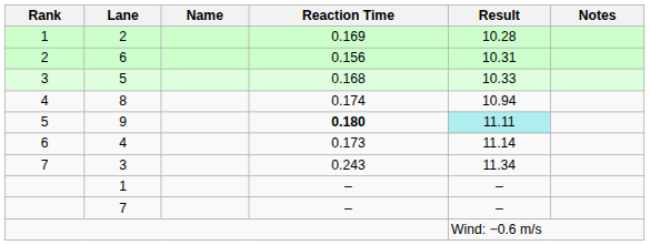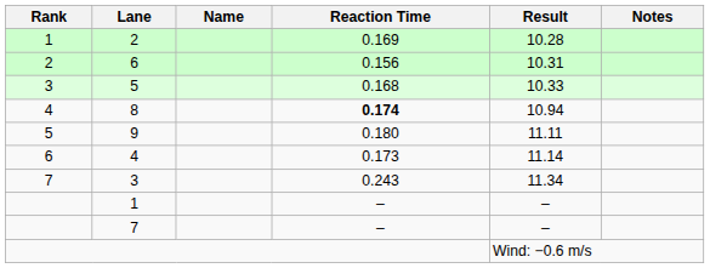 <table class="wikitable" style="text-align:center;width: 60%">
 <tr>
 <th>Rank</th>
 <th>Lane</th>
 <th>Name</th>
 <th>Reaction Time</th>
 <th>Result</th>
 <th>Notes</th>
 </tr>
 <tr bgcolor=ccffcc>
 <td>1</td>
 <td>2</td>
 <td align="left"></td>
 <td>0.169</td>
 <td>10.28</td>
 <td></td>
 </tr>
 <tr bgcolor=ccffcc>
 <td>2</td>
 <td>6</td>
 <td align="left"></td>
 <td>0.156</td>
 <td>10.31</td>
 <td></td>
 </tr>
 <tr bgcolor=ddffdd>
 <td>3</td>
 <td>5</td>
 <td align="left"></td>
 <td>0.168</td>
 <td>10.33</td>
 <td></td>
 </tr>
 <tr>
 <td>4</td>
 <td>8</td>
 <td align="left"></td>
-<td>0.174</td>
+<td><strong>0.174</strong></td>
 <td>10.94</td>
 <td></td>
 </tr>
 <tr>
 <td>5</td>
 <td>9</td>
 <td align="left"></td>
-<td><strong>0.180</strong></td>
-<td style="background: paleturquoise;">11.11</td>
+<td>0.180</td>
+<td>11.11</td>
 <td></td>
 </tr>
 <tr>
 <td>6</td>
 <td>4</td>
 <td align="left"></td>
 <td>0.173</td>
 <td>11.14</td>
 <td></td>
 </tr>
 <tr>
 <td>7</td>
 <td>3</td>
 <td align="left"></td>
 <td>0.243</td>
 <td>11.34</td>
 <td></td>
 </tr>
 <tr>
 <td></td>
 <td>1</td>
 <td align="left"></td>
 <td>–</td>
 <td>–</td>
 <td></td>
 </tr>
 <tr>
 <td></td>
 <td>7</td>
 <td align="left"></td>
 <td>–</td>
 <td>–</td>
 <td></td>
 </tr>
 <tr class="sortbottom">
 <td colspan=4></td>
 <td colspan="2" style="text-align:left;">Wind: −0.6 m/s</td>
 </tr>
 </table>
